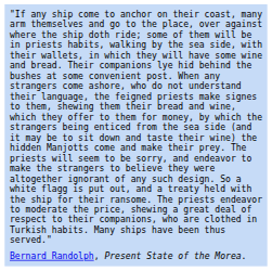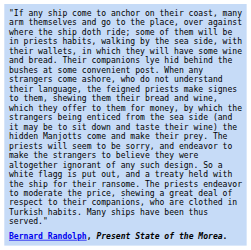 <table class="toccolours" style="float: right; margin-left: 1em; margin-right: 2em; font-size: 85%; background:#c6dbf7; width:30em; max-width: 40%;" cellspacing="5">
 <tr>
 <td style="text-align: left;">"If any ship come to anchor on their coast, many arm themselves and go to the place, over against where the ship doth ride; some of them will be in priests habits, walking by the sea side, with their wallets, in which they will have some wine and bread. Their companions lye hid behind the bushes at some convenient post. When any strangers come ashore, who do not understand their language, the feigned priests make signes to them, shewing them their bread and wine, which they offer to them for money, by which the strangers being enticed from the sea side (and it may be to sit down and taste their wine) the hidden Manjotts come and make their prey. The priests will seem to be sorry, and endeavor to make the strangers to believe they were altogether ignorant of any such design. So a white flagg is put out, and a treaty held with the ship for their ransome. The priests endeavor to moderate the price, shewing a great deal of respect to their companions, who are clothed in Turkish habits. Many ships have been thus served."</td>
 </tr>
 <tr>
-<td style="text-align: left;"><a href='#'>Bernard Randolph</a>, <em>Present State of the Morea</em>.</td>
+<td style="text-align: left;"><strong><a href='#'>Bernard Randolph</a>, <em>Present State of the Morea</em>.</strong></td>
 </tr>
 </table>
